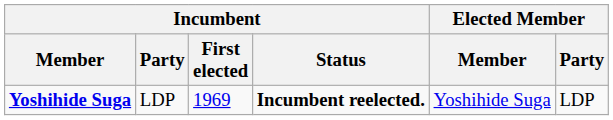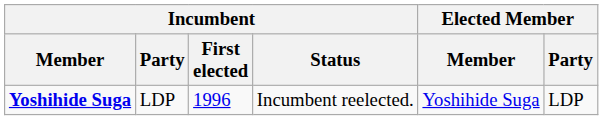 <table class="wikitable sortable">
 <tr>
 <th colspan=4>Incumbent</th>
 <th colspan=2>Elected Member</th>
 </tr>
 <tr>
 <th>Member</th>
 <th>Party</th>
 <th>First<br>elected</th>
 <th>Status</th>
 <th>Member</th>
 <th>Party</th>
 </tr>
 <tr>
 <td><strong><a href='#'>Yoshihide Suga</a></strong></td>
 <td>LDP</td>
-<td><a href='#'>1969</a></td>
-<td><strong>Incumbent reelected.</strong></td>
+<td><a href='#'>1996</a></td>
+<td>Incumbent reelected.</td>
 <td><a href='#'>Yoshihide Suga</a></td>
 <td>LDP</td>
 </tr>
 </table>
